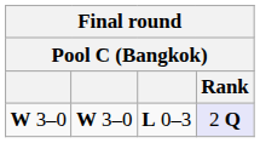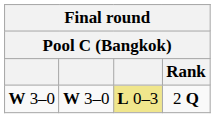 <table class="wikitable" style="font-size:100%;">
 <tr>
 <th colspan=5>Final round</th>
 </tr>
 <tr>
 <th colspan=5>Pool C (Bangkok)</th>
 </tr>
 <tr>
 <th></th>
 <th></th>
 <th></th>
 <th>Rank</th>
 </tr>
 <tr align=center>
 <td><strong>W</strong> 3–0</td>
 <td><strong>W</strong> 3–0</td>
-<td><strong>L</strong> 0–3</td>
-<td style="background: lavender;">2 <strong>Q</strong></td>
+<td style="background: khaki;"><strong>L</strong> 0–3</td>
+<td>2 <strong>Q</strong></td>
 </tr>
 </table>
